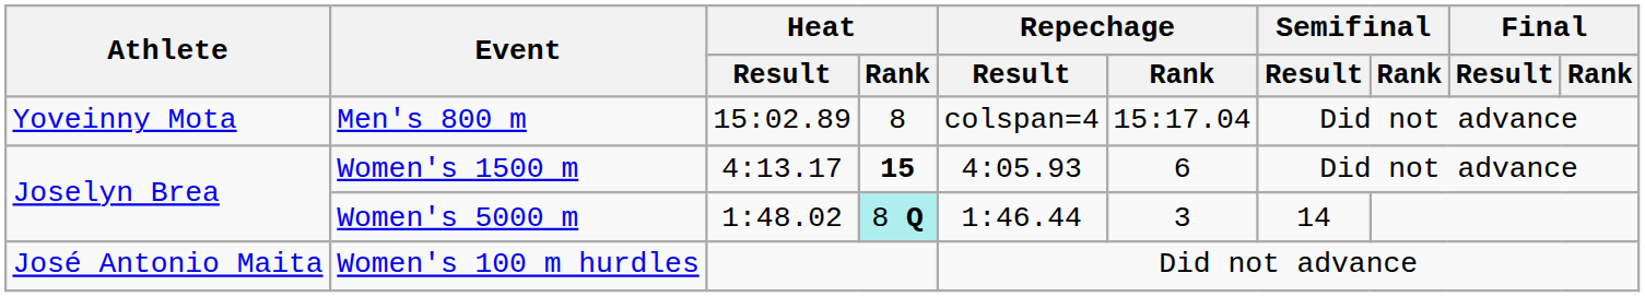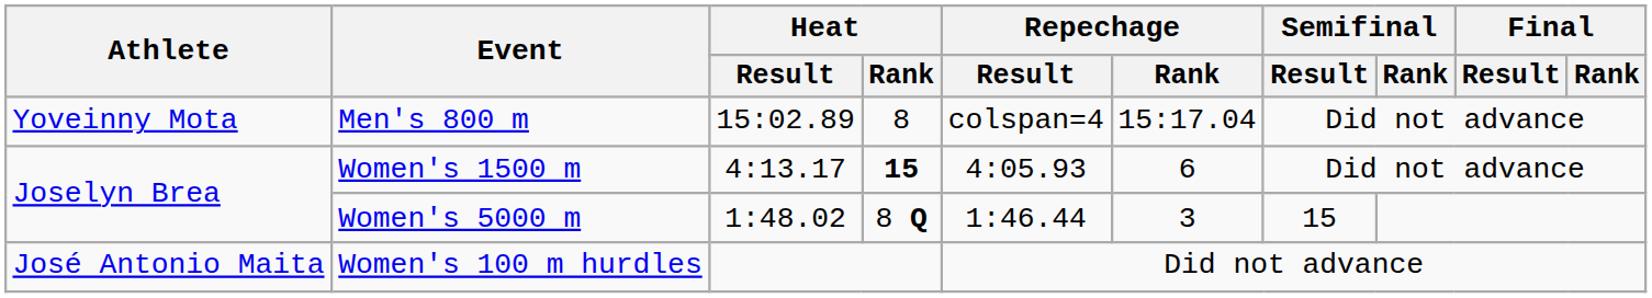 <table class="wikitable" style="font-size:90%">
 <tr>
 <th rowspan="2">Athlete</th>
 <th rowspan="2">Event</th>
 <th colspan="2">Heat</th>
 <th colspan="2">Repechage</th>
 <th colspan="2">Semifinal</th>
 <th colspan="2">Final</th>
 </tr>
 <tr style="font-size:95%">
 <th>Result</th>
 <th>Rank</th>
 <th>Result</th>
 <th>Rank</th>
 <th>Result</th>
 <th>Rank</th>
 <th>Result</th>
 <th>Rank</th>
 </tr>
 <tr align=center>
 <td align=left><a href='#'>Yoveinny Mota</a></td>
 <td align=left><a href='#'>Men's 800 m</a></td>
 <td>15:02.89</td>
 <td>8</td>
 <td>colspan=4 </td>
 <td>15:17.04</td>
 <td colspan=4>Did not advance</td>
 </tr>
 <tr align=center>
 <td align=left rowspan=2><a href='#'>Joselyn Brea</a></td>
 <td align=left><a href='#'>Women's 1500 m</a></td>
 <td>4:13.17</td>
 <td><strong>15</strong></td>
 <td>4:05.93</td>
 <td>6</td>
 <td colspan=6>Did not advance</td>
 </tr>
 <tr align=center>
 <td align=left><a href='#'>Women's 5000 m</a></td>
 <td>1:48.02</td>
-<td style="background: paleturquoise;">8 <strong>Q</strong></td>
+<td>8 <strong>Q</strong></td>
 <td>1:46.44</td>
 <td>3</td>
-<td>14</td>
+<td>15</td>
 </tr>
 <tr align=center>
 <td align=left><a href='#'>José Antonio Maita</a></td>
 <td align=left><a href='#'>Women's 100 m hurdles</a></td>
 <td colspan=2></td>
 <td colspan=6>Did not advance</td>
 </tr>
 </table>
